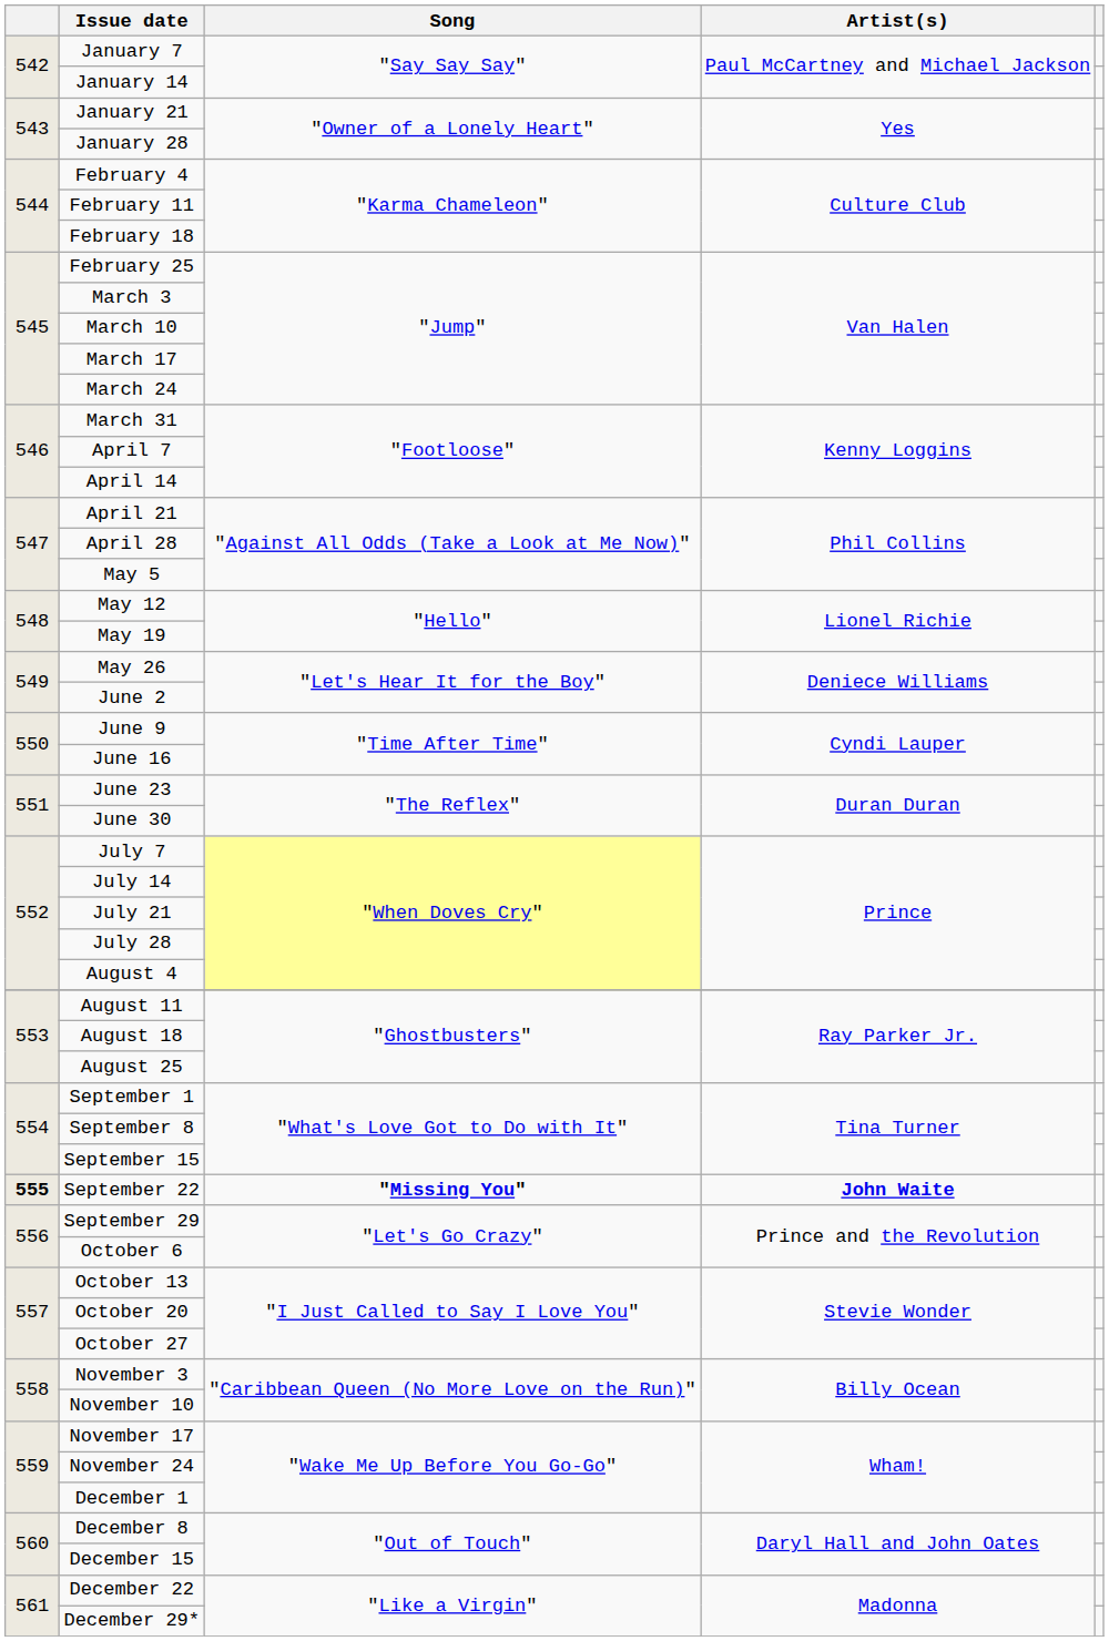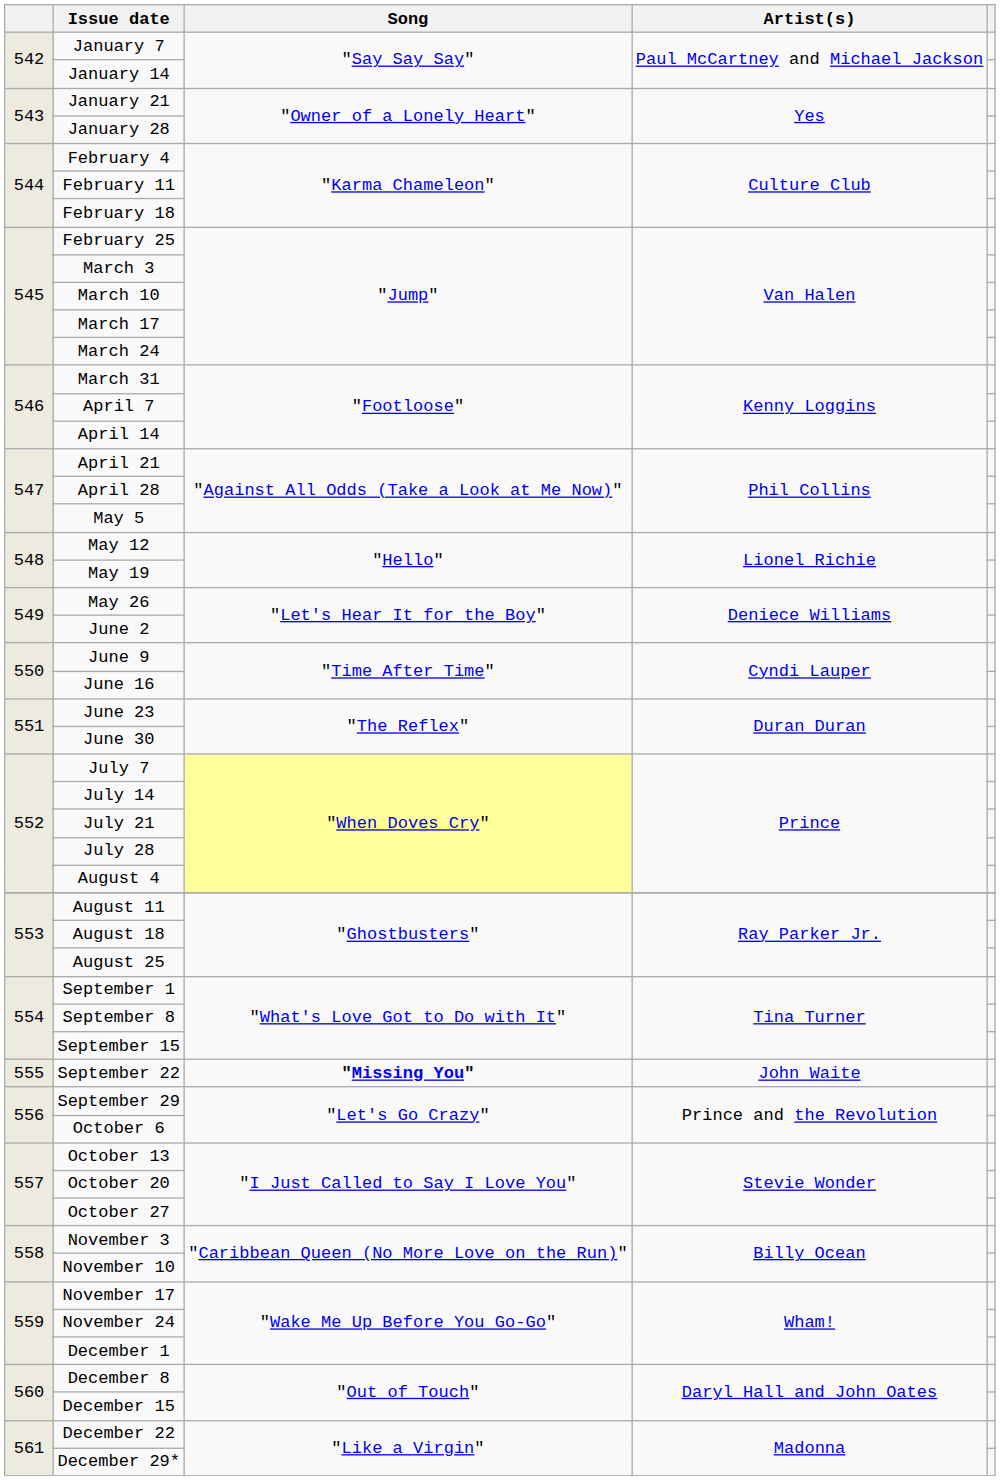 <table class="wikitable">
 <tr>
 <th width=31></th>
 <th>Issue date</th>
 <th>Song</th>
 <th>Artist(s)</th>
 <th></th>
 </tr>
 <tr style="text-align:center;">
 <td align="center" bgcolor=EDEAE0 rowspan=2>542</td>
 <td>January 7</td>
 <td rowspan="2">"<a href='#'>Say Say Say</a>"</td>
 <td rowspan="2"><a href='#'>Paul McCartney</a> and <a href='#'>Michael Jackson</a></td>
 <td></td>
 </tr>
 <tr style="text-align:center;">
 <td>January 14</td>
 <td></td>
 </tr>
 <tr>
 <td align="center" bgcolor=EDEAE0 rowspan=2>543</td>
 <td style="text-align:center;">January 21</td>
 <td style="text-align:center;" rowspan="2">"<a href='#'>Owner of a Lonely Heart</a>"</td>
 <td style="text-align:center;" rowspan="2"><a href='#'>Yes</a></td>
 <td style="text-align:center;"></td>
 </tr>
 <tr style="text-align:center;">
 <td>January 28</td>
 <td></td>
 </tr>
 <tr style="text-align:center;">
 <td align="center" bgcolor=EDEAE0 rowspan=3>544</td>
 <td>February 4</td>
 <td rowspan="3">"<a href='#'>Karma Chameleon</a>"</td>
 <td rowspan="3"><a href='#'>Culture Club</a></td>
 <td></td>
 </tr>
 <tr style="text-align:center;">
 <td>February 11</td>
 <td></td>
 </tr>
 <tr style="text-align:center;">
 <td>February 18</td>
 <td></td>
 </tr>
 <tr>
 <td align="center" bgcolor=EDEAE0 rowspan=5>545</td>
 <td style="text-align:center;">February 25</td>
 <td style="text-align:center;" rowspan="5">"<a href='#'>Jump</a>"</td>
 <td style="text-align:center;" rowspan="5"><a href='#'>Van Halen</a></td>
 <td style="text-align:center;"></td>
 </tr>
 <tr style="text-align:center;">
 <td>March 3</td>
 <td></td>
 </tr>
 <tr style="text-align:center;">
 <td>March 10</td>
 <td></td>
 </tr>
 <tr style="text-align:center;">
 <td>March 17</td>
 <td></td>
 </tr>
 <tr style="text-align:center;">
 <td>March 24</td>
 <td></td>
 </tr>
 <tr>
 <td align="center" bgcolor=EDEAE0 rowspan=3>546</td>
 <td style="text-align:center;">March 31</td>
 <td style="text-align:center;" rowspan="3">"<a href='#'>Footloose</a>"</td>
 <td style="text-align:center;" rowspan="3"><a href='#'>Kenny Loggins</a></td>
 <td style="text-align:center;"></td>
 </tr>
 <tr style="text-align:center;">
 <td>April 7</td>
 <td></td>
 </tr>
 <tr style="text-align:center;">
 <td>April 14</td>
 <td></td>
 </tr>
 <tr style="text-align:center;">
 <td align="center" bgcolor=EDEAE0 rowspan=3>547</td>
 <td>April 21</td>
 <td rowspan="3">"<a href='#'>Against All Odds (Take a Look at Me Now)</a>"</td>
 <td rowspan="3"><a href='#'>Phil Collins</a></td>
 <td></td>
 </tr>
 <tr style="text-align:center;">
 <td>April 28</td>
 <td></td>
 </tr>
 <tr style="text-align:center;">
 <td>May 5</td>
 <td></td>
 </tr>
 <tr>
 <td align="center" bgcolor=EDEAE0 rowspan=2>548</td>
 <td style="text-align:center;">May 12</td>
 <td style="text-align:center;" rowspan="2">"<a href='#'>Hello</a>"</td>
 <td style="text-align:center;" rowspan="2"><a href='#'>Lionel Richie</a></td>
 <td style="text-align:center;"></td>
 </tr>
 <tr style="text-align:center;">
 <td>May 19</td>
 <td></td>
 </tr>
 <tr style="text-align:center;">
 <td align="center" bgcolor=EDEAE0 rowspan=2>549</td>
 <td>May 26</td>
 <td rowspan="2">"<a href='#'>Let's Hear It for the Boy</a>"</td>
 <td rowspan="2"><a href='#'>Deniece Williams</a></td>
 <td></td>
 </tr>
 <tr style="text-align:center;">
 <td>June 2</td>
 <td></td>
 </tr>
 <tr>
 <td align="center" bgcolor=EDEAE0 rowspan=2>550</td>
 <td style="text-align:center;">June 9</td>
 <td style="text-align:center;" rowspan="2">"<a href='#'>Time After Time</a>"</td>
 <td style="text-align:center;" rowspan="2"><a href='#'>Cyndi Lauper</a></td>
 <td style="text-align:center;"></td>
 </tr>
 <tr style="text-align:center;">
 <td>June 16</td>
 <td></td>
 </tr>
 <tr style="text-align:center;">
 <td align="center" bgcolor=EDEAE0 rowspan=2>551</td>
 <td>June 23</td>
 <td rowspan="2">"<a href='#'>The Reflex</a>"</td>
 <td rowspan="2"><a href='#'>Duran Duran</a></td>
 <td style="text-align:center;"></td>
 </tr>
 <tr style="text-align:center;">
 <td>June 30</td>
 <td></td>
 </tr>
 <tr>
 <td align="center" bgcolor=EDEAE0 rowspan=5>552</td>
 <td style="text-align:center;">July 7</td>
 <td style="background:#ff9; text-align:center;" rowspan="5">"<a href='#'>When Doves Cry</a>"</td>
 <td style="text-align:center;" rowspan="5"><a href='#'>Prince</a></td>
 <td style="text-align:center;"></td>
 </tr>
 <tr style="text-align:center;">
 <td>July 14</td>
 <td></td>
 </tr>
 <tr style="text-align:center;">
 <td>July 21</td>
 <td></td>
 </tr>
 <tr style="text-align:center;">
 <td>July 28</td>
 <td></td>
 </tr>
 <tr style="text-align:center;">
 <td>August 4</td>
 <td></td>
 </tr>
 <tr style="text-align:center;">
 </tr>
 <tr>
 <td align="center" bgcolor=EDEAE0 rowspan=3>553</td>
 <td style="text-align:center;">August 11</td>
 <td style="text-align:center;" rowspan="3">"<a href='#'>Ghostbusters</a>"</td>
 <td style="text-align:center;" rowspan="3"><a href='#'>Ray Parker Jr.</a></td>
 <td style="text-align:center;"></td>
 </tr>
 <tr style="text-align:center;">
 <td>August 18</td>
 <td></td>
 </tr>
 <tr style="text-align:center;">
 <td>August 25</td>
 <td></td>
 </tr>
 <tr>
 <td align="center" bgcolor=EDEAE0 rowspan=3>554</td>
 <td style="text-align:center;">September 1</td>
 <td style="text-align:center;" rowspan="3">"<a href='#'>What's Love Got to Do with It</a>"</td>
 <td style="text-align:center;" rowspan="3"><a href='#'>Tina Turner</a></td>
 <td style="text-align:center;"></td>
 </tr>
 <tr style="text-align:center;">
 <td>September 8</td>
 <td></td>
 </tr>
 <tr>
 <td style="text-align:center;">September 15</td>
 <td style="text-align:center;"></td>
 </tr>
 <tr>
-<td align="center" bgcolor=EDEAE0><strong>555</strong></td>
+<td align="center" bgcolor=EDEAE0>555</td>
 <td style="text-align:center;">September 22</td>
 <td style="text-align:center;"><strong>"<a href='#'>Missing You</a>"</strong></td>
-<td style="text-align:center;"><strong><a href='#'>John Waite</a></strong></td>
+<td style="text-align:center;"><a href='#'>John Waite</a></td>
 <td style="text-align:center;"></td>
 </tr>
 <tr>
 <td align="center" bgcolor=EDEAE0 rowspan=2>556</td>
 <td style="text-align:center;">September 29</td>
 <td style="text-align:center;" rowspan="2">"<a href='#'>Let's Go Crazy</a>"</td>
 <td style="text-align:center;" rowspan="2">Prince and <a href='#'>the Revolution</a></td>
 <td style="text-align:center;"></td>
 </tr>
 <tr>
 <td style="text-align:center;">October 6</td>
 <td style="text-align:center;"></td>
 </tr>
 <tr>
 <td align="center" bgcolor=EDEAE0 rowspan=3>557</td>
 <td style="text-align:center;">October 13</td>
 <td style="text-align:center;" rowspan="3">"<a href='#'>I Just Called to Say I Love You</a>"</td>
 <td style="text-align:center;" rowspan="3"><a href='#'>Stevie Wonder</a></td>
 <td style="text-align:center;"></td>
 </tr>
 <tr>
 <td style="text-align:center;">October 20</td>
 <td style="text-align:center;"></td>
 </tr>
 <tr>
 <td style="text-align:center;">October 27</td>
 <td style="text-align:center;"></td>
 </tr>
 <tr>
 <td align="center" bgcolor=EDEAE0 rowspan=2>558</td>
 <td style="text-align:center;">November 3</td>
 <td style="text-align:center;" rowspan="2">"<a href='#'>Caribbean Queen (No More Love on the Run)</a>"</td>
 <td style="text-align:center;" rowspan="2"><a href='#'>Billy Ocean</a></td>
 <td style="text-align:center;"></td>
 </tr>
 <tr>
 <td style="text-align:center;">November 10</td>
 <td style="text-align:center;"></td>
 </tr>
 <tr>
 <td align="center" bgcolor=EDEAE0 rowspan=3>559</td>
 <td style="text-align:center;">November 17</td>
 <td style="text-align:center;" rowspan="3">"<a href='#'>Wake Me Up Before You Go-Go</a>"</td>
 <td style="text-align:center;" rowspan="3"><a href='#'>Wham!</a></td>
 <td style="text-align:center;"></td>
 </tr>
 <tr>
 <td style="text-align:center;">November 24</td>
 <td style="text-align:center;"></td>
 </tr>
 <tr>
 <td style="text-align:center;">December 1</td>
 <td style="text-align:center;"></td>
 </tr>
 <tr>
 <td align="center" bgcolor=EDEAE0 rowspan=2>560</td>
 <td style="text-align:center;">December 8</td>
 <td style="text-align:center;" rowspan="2">"<a href='#'>Out of Touch</a>"</td>
 <td style="text-align:center;" rowspan="2"><a href='#'>Daryl Hall and John Oates</a></td>
 <td style="text-align:center;"></td>
 </tr>
 <tr>
 <td style="text-align:center;">December 15</td>
 <td style="text-align:center;"></td>
 </tr>
 <tr>
 <td align="center" bgcolor=EDEAE0 rowspan=2>561</td>
 <td style="text-align:center;">December 22</td>
 <td style="text-align:center;" rowspan="2">"<a href='#'>Like a Virgin</a>"</td>
 <td style="text-align:center;" rowspan="2"><a href='#'>Madonna</a></td>
 <td style="text-align:center;"></td>
 </tr>
 <tr style="text-align:center;">
 <td>December 29*</td>
 <td></td>
 </tr>
 </table>
